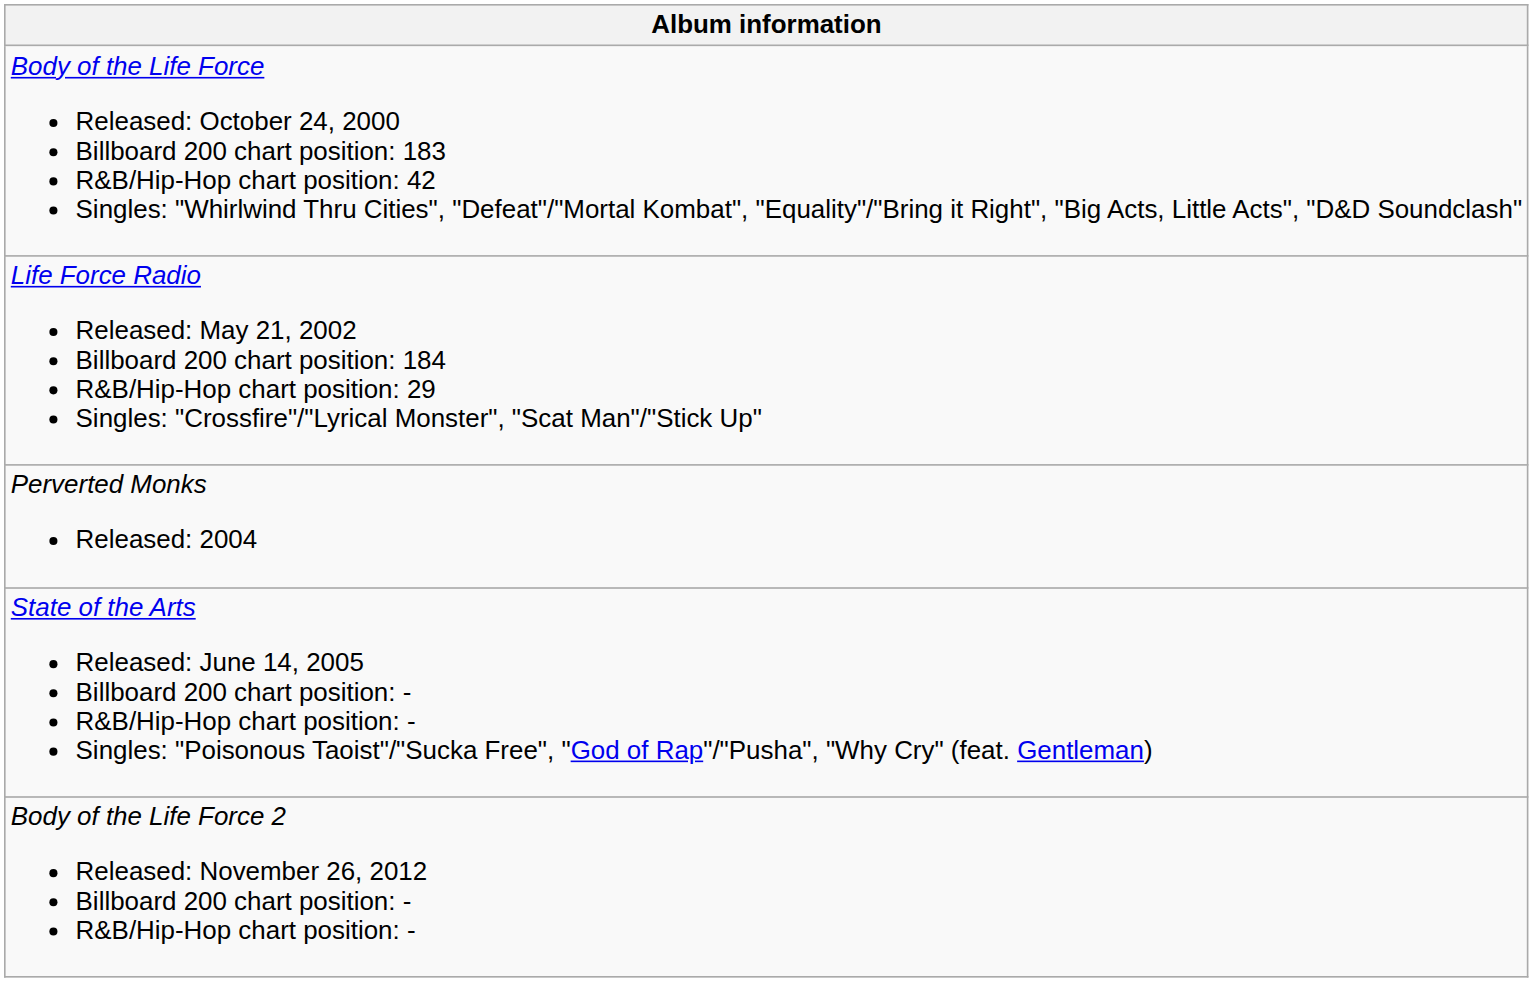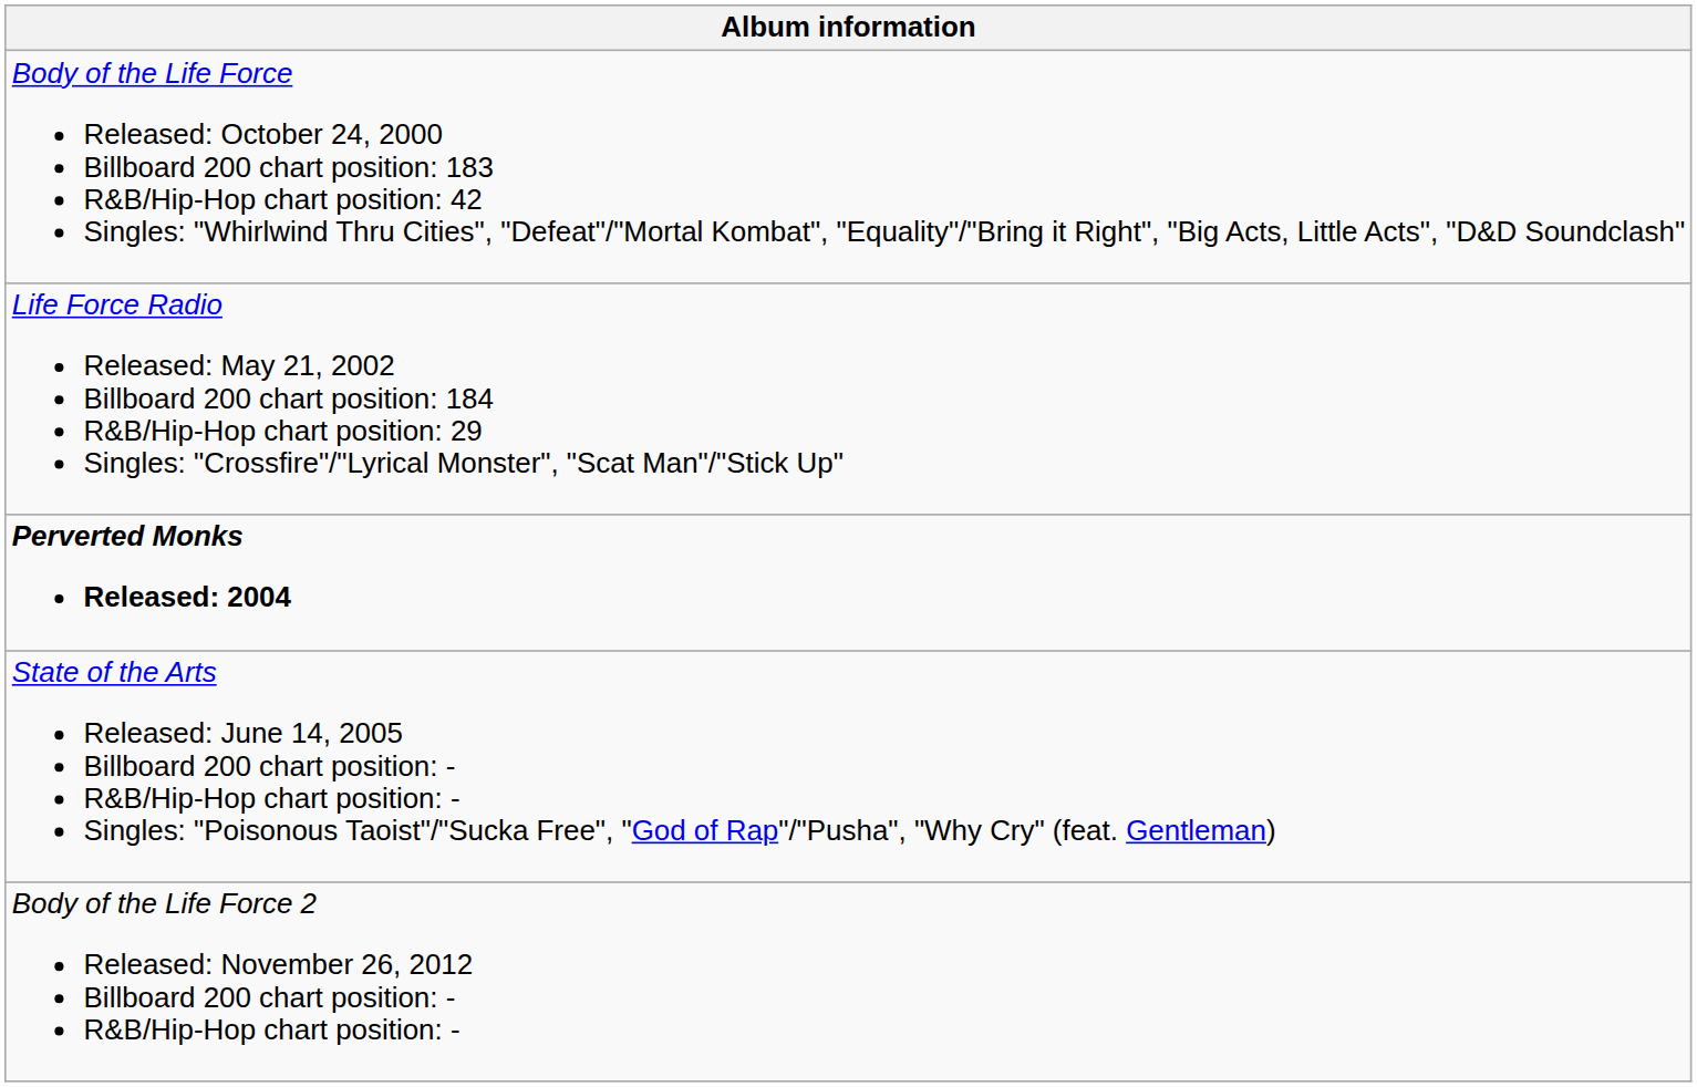 <table class="wikitable">
 <tr>
 <th align="left">Album information</th>
 </tr>
 <tr>
 <td align="left"><em><a href='#'>Body of the Life Force</a></em><br><ul><li>Released: October 24, 2000</li><li>Billboard 200 chart position: 183</li><li>R&B/Hip-Hop chart position: 42</li><li>Singles: "Whirlwind Thru Cities", "Defeat"/"Mortal Kombat", "Equality"/"Bring it Right", "Big Acts, Little Acts", "D&D Soundclash"</li></ul></td>
 </tr>
 <tr>
 <td align="left"><em><a href='#'>Life Force Radio</a></em><br><ul><li>Released: May 21, 2002</li><li>Billboard 200 chart position: 184</li><li>R&B/Hip-Hop chart position: 29</li><li>Singles: "Crossfire"/"Lyrical Monster", "Scat Man"/"Stick Up"</li></ul></td>
 </tr>
 <tr>
-<td><em>Perverted Monks</em><br><ul><li>Released: 2004</li></ul></td>
+<td><strong><em>Perverted Monks</em><br><ul><li>Released: 2004</li></ul></strong></td>
 </tr>
 <tr>
 <td align="left"><em><a href='#'>State of the Arts</a></em><br><ul><li>Released: June 14, 2005</li><li>Billboard 200 chart position: -</li><li>R&B/Hip-Hop chart position: -</li><li>Singles: "Poisonous Taoist"/"Sucka Free", "<a href='#'>God of Rap</a>"/"Pusha", "Why Cry" (feat. <a href='#'>Gentleman</a>)</li></ul></td>
 </tr>
 <tr>
 <td align="left"><em>Body of the Life Force 2</em><br><ul><li>Released: November 26, 2012</li><li>Billboard 200 chart position: -</li><li>R&B/Hip-Hop chart position: -</li></ul></td>
 </tr>
 </table>
